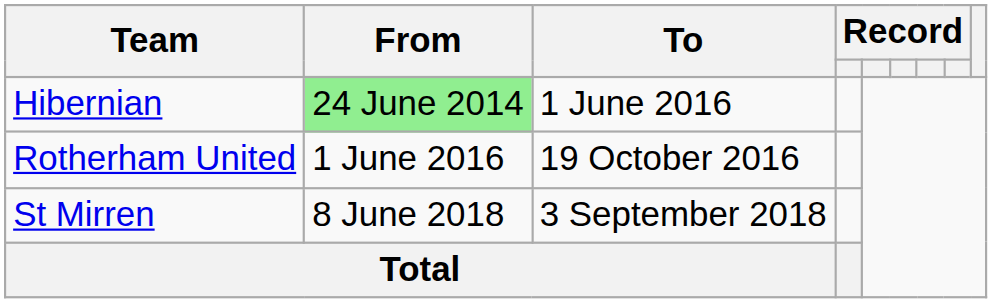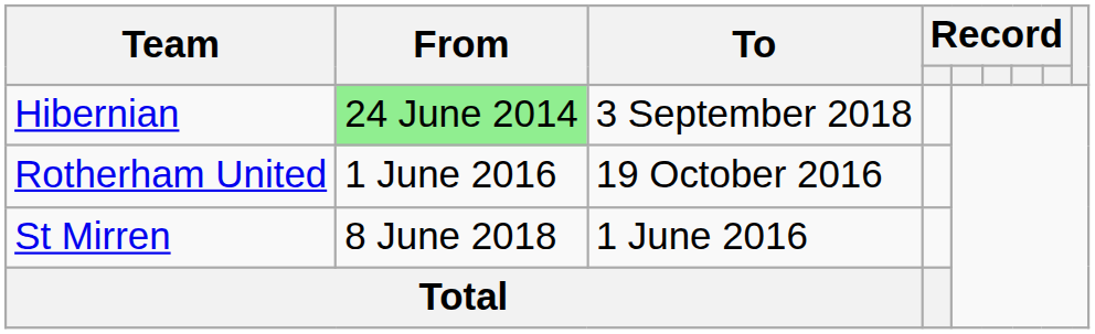 <table class=wikitable style="text-align: center;">
 <tr>
 <th rowspan=2>Team</th>
 <th rowspan=2>From</th>
 <th rowspan=2>To</th>
 <th colspan=5>Record</th>
 <th rowspan=2></th>
 </tr>
 <tr>
 <th></th>
 <th></th>
 <th></th>
 <th></th>
 <th></th>
 </tr>
 <tr>
 <td align=left><a href='#'>Hibernian</a></td>
 <td align=left style="background: lightgreen;">24 June 2014</td>
-<td align=left>1 June 2016<br></td>
+<td align=left>3 September 2018<br></td>
 <td></td>
 </tr>
 <tr>
 <td align=left><a href='#'>Rotherham United</a></td>
 <td align=left>1 June 2016</td>
 <td align=left>19 October 2016<br></td>
 <td></td>
 </tr>
 <tr>
 <td align=left><a href='#'>St Mirren</a></td>
 <td align=left>8 June 2018</td>
-<td align=left>3 September 2018<br></td>
+<td align=left>1 June 2016<br></td>
 <td></td>
 </tr>
 <tr>
 <th colspan=3>Total<br></th>
 <th></th>
 </tr>
 </table>
